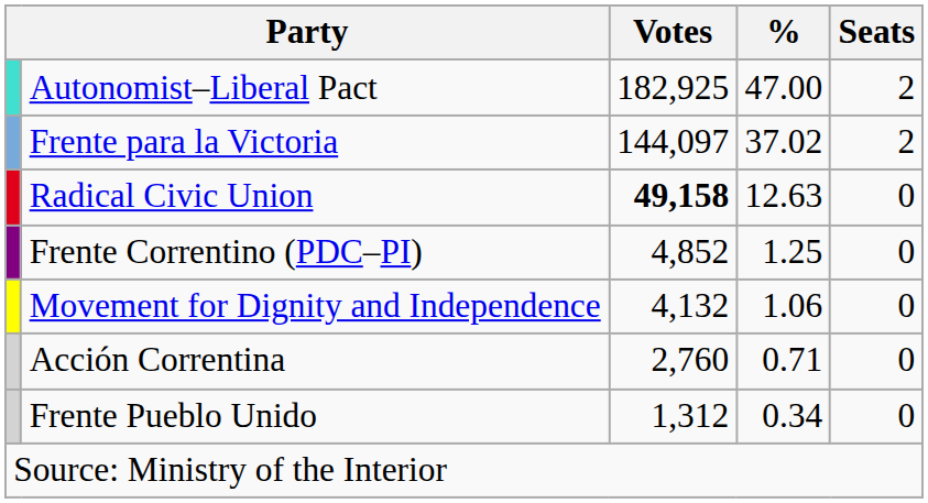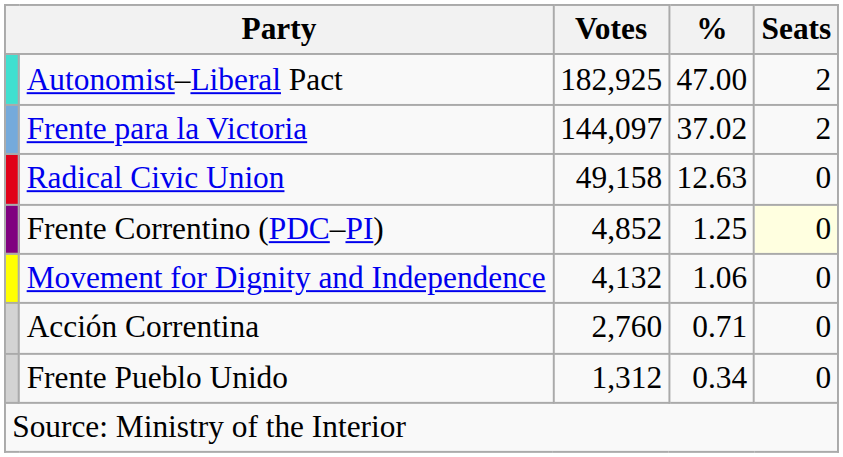 <table class="wikitable" style="text-align:right;">
 <tr>
 <th colspan=2>Party</th>
 <th>Votes</th>
 <th>%</th>
 <th>Seats</th>
 </tr>
 <tr>
 <td bgcolor=#40e0d0></td>
 <td align=left><a href='#'>Autonomist</a>–<a href='#'>Liberal</a> Pact</td>
 <td>182,925</td>
 <td>47.00</td>
 <td>2</td>
 </tr>
 <tr>
 <td bgcolor=#75AADB></td>
 <td align=left><a href='#'>Frente para la Victoria</a></td>
 <td>144,097</td>
 <td>37.02</td>
 <td>2</td>
 </tr>
 <tr>
 <td bgcolor=#E10019></td>
 <td align=left><a href='#'>Radical Civic Union</a></td>
-<td><strong>49,158</strong></td>
+<td>49,158</td>
 <td>12.63</td>
 <td>0</td>
 </tr>
 <tr>
 <td bgcolor=purple></td>
 <td align=left>Frente Correntino (<a href='#'>PDC</a>–<a href='#'>PI</a>)</td>
 <td>4,852</td>
 <td>1.25</td>
-<td>0</td>
+<td style="background: lightyellow;">0</td>
 </tr>
 <tr>
 <td bgcolor=yellow></td>
 <td align=left><a href='#'>Movement for Dignity and Independence</a></td>
 <td>4,132</td>
 <td>1.06</td>
 <td>0</td>
 </tr>
 <tr>
 <td bgcolor=lightgrey></td>
 <td align=left>Acción Correntina</td>
 <td>2,760</td>
 <td>0.71</td>
 <td>0</td>
 </tr>
 <tr>
 <td bgcolor=lightgrey></td>
 <td align=left>Frente Pueblo Unido</td>
 <td>1,312</td>
 <td>0.34</td>
 <td>0</td>
 </tr>
 <tr>
 <td colspan="5" align="left">Source: Ministry of the Interior</td>
 </tr>
 </table>
